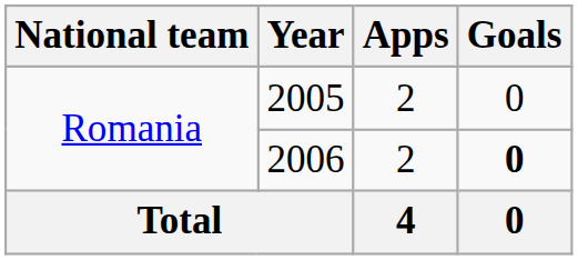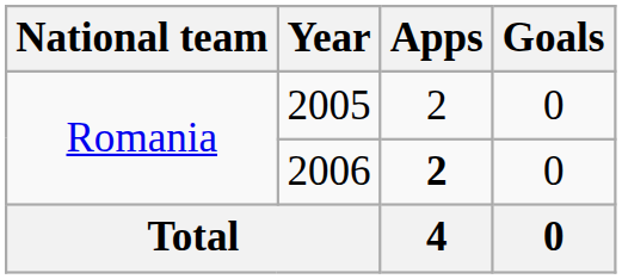 <table class="wikitable" style="text-align:center">
 <tr>
 <th>National team</th>
 <th>Year</th>
 <th>Apps</th>
 <th>Goals</th>
 </tr>
 <tr>
 <td rowspan="2"><a href='#'>Romania</a></td>
 <td>2005</td>
 <td>2</td>
 <td>0</td>
 </tr>
 <tr>
 <td>2006</td>
-<td>2</td>
-<td><strong>0</strong></td>
+<td><strong>2</strong></td>
+<td>0</td>
 </tr>
 <tr>
 <th colspan="2">Total</th>
 <th>4</th>
 <th>0</th>
 </tr>
 </table>
